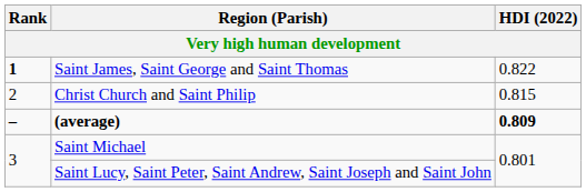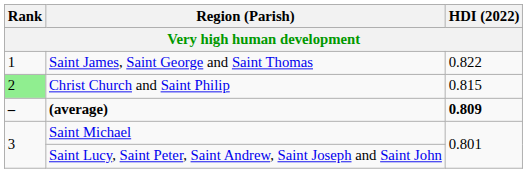 <table class="wikitable sortable">
 <tr>
 <th>Rank</th>
 <th>Region (Parish)</th>
 <th>HDI (2022)</th>
 </tr>
 <tr>
 <th colspan="3" style="color:#090;">Very high human development</th>
 </tr>
 <tr>
-<td><strong>1</strong></td>
+<td>1</td>
 <td><a href='#'>Saint James</a>, <a href='#'>Saint George</a> and <a href='#'>Saint Thomas</a></td>
 <td>0.822</td>
 </tr>
 <tr>
-<td>2</td>
+<td style="background: lightgreen;">2</td>
 <td><a href='#'>Christ Church</a> and <a href='#'>Saint Philip</a></td>
 <td>0.815</td>
 </tr>
 <tr>
 <td><strong>–</strong></td>
 <td style="text-align:left"><strong> (average)</strong></td>
 <td><strong>0.809</strong></td>
 </tr>
 <tr>
 <td rowspan="2">3</td>
 <td><a href='#'>Saint Michael</a></td>
 <td rowspan="2">0.801</td>
 </tr>
 <tr>
 <td><a href='#'>Saint Lucy</a>, <a href='#'>Saint Peter</a>, <a href='#'>Saint Andrew</a>, <a href='#'>Saint Joseph</a> and <a href='#'>Saint John</a></td>
 </tr>
 </table>
